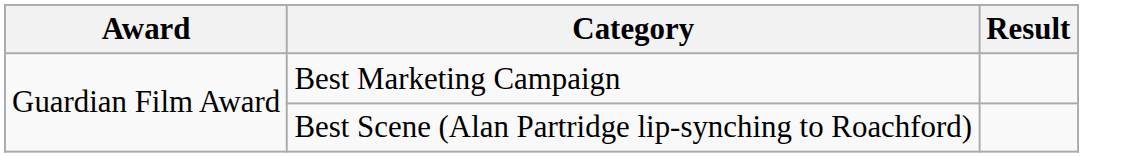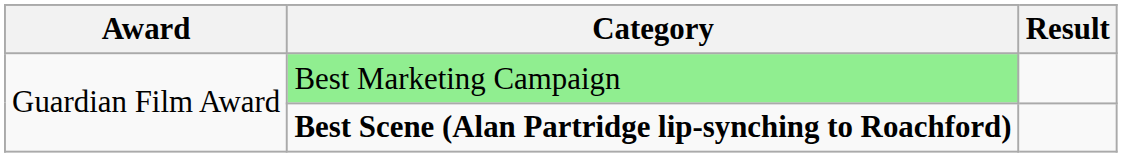 <table class="wikitable sortable">
 <tr>
 <th>Award</th>
 <th>Category</th>
 <th>Result</th>
 </tr>
 <tr>
 <td rowspan="2">Guardian Film Award</td>
-<td>Best Marketing Campaign</td>
+<td style="background: lightgreen;">Best Marketing Campaign</td>
 <td></td>
 </tr>
 <tr>
-<td>Best Scene (Alan Partridge lip-synching to Roachford)</td>
+<td><strong>Best Scene (Alan Partridge lip-synching to Roachford)</strong></td>
 <td></td>
 </tr>
 </table>
